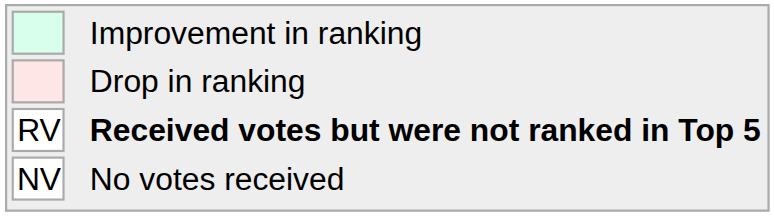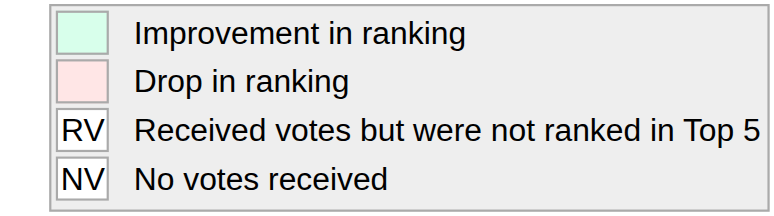 <table align="right" style="font-size:90%; border:1px solid #aaaaaa; white-space:nowrap; background:#eeeeee;">
 <tr>
 <td style="background:#d8ffeb; width:20px; border:1px solid #aaaaaa;"> </td>
 <td rowspan="5"> </td>
 <td>Improvement in ranking</td>
 </tr>
 <tr>
 <td style="background:#ffe6e6; width:20px; border:1px solid #aaaaaa;"> </td>
 <td>Drop in ranking</td>
 </tr>
 <tr>
 <td align="center" style="width:20px; border:1px solid #aaaaaa; background:white;">RV</td>
-<td><strong>Received votes but were not ranked in Top 5</strong></td>
+<td>Received votes but were not ranked in Top 5</td>
 </tr>
 <tr>
 <td align="center" style="width:20px; border:1px solid #aaaaaa; background:white;">NV</td>
 <td>No votes received</td>
 </tr>
 <tr>
 </tr>
 </table>
